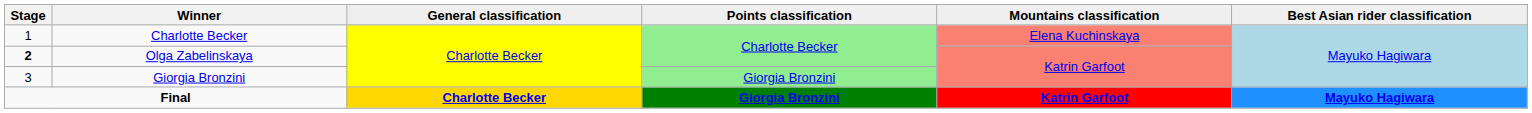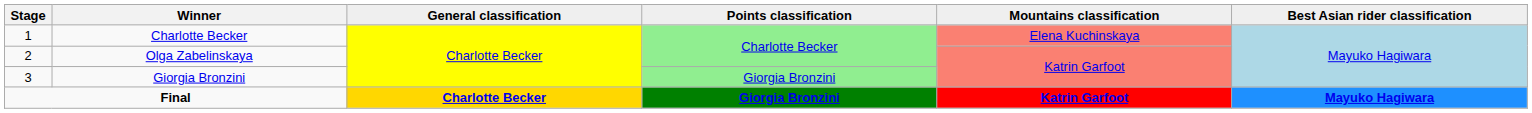 <table class="wikitable" style="text-align: center; font-size:smaller;">
 <tr>
 <th width="1%">Stage</th>
 <th width="14%">Winner</th>
 <th style="background:#EFEFEF;" width="14%">General classification<br></th>
 <th style="background:#EFEFEF;" width="14%">Points classification<br></th>
 <th style="background:#EFEFEF;" width="14%">Mountains classification<br></th>
 <th style="background:#EFEFEF;" width="14%">Best Asian rider classification<br></th>
 </tr>
 <tr>
 <td>1</td>
 <td><a href='#'>Charlotte Becker</a></td>
 <td style="background-color:yellow" rowspan=3><a href='#'>Charlotte Becker</a></td>
 <td style="background:lightgreen" rowspan=2><a href='#'>Charlotte Becker</a></td>
 <td style="background:salmon"><a href='#'>Elena Kuchinskaya</a></td>
 <td style="background:lightblue" rowspan=3><a href='#'>Mayuko Hagiwara</a></td>
 </tr>
 <tr>
-<td><strong>2</strong></td>
+<td>2</td>
 <td><a href='#'>Olga Zabelinskaya</a></td>
 <td style="background:salmon" rowspan=2><a href='#'>Katrin Garfoot</a></td>
 </tr>
 <tr>
 <td>3</td>
 <td><a href='#'>Giorgia Bronzini</a></td>
 <td style="background:lightgreen"><a href='#'>Giorgia Bronzini</a></td>
 </tr>
 <tr>
 <td colspan="2"><strong>Final</strong></td>
 <th style="background:gold"><a href='#'>Charlotte Becker</a></th>
 <th style="background:green"><a href='#'>Giorgia Bronzini</a></th>
 <th style="background:red"><a href='#'>Katrin Garfoot</a></th>
 <th style="background:dodgerblue"><a href='#'>Mayuko Hagiwara</a></th>
 </tr>
 </table>
